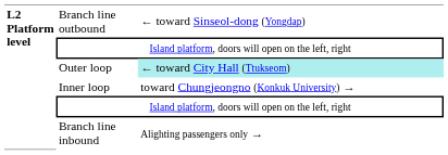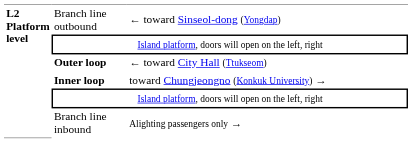 <table border=0 cellspacing=0 cellpadding=3>
 <tr>
 <td style="border-top:solid 1px gray;border-bottom:solid 1px gray;" width=50 rowspan=10 valign=top><strong>L2<br>Platform level</strong></td>
 <td style="border-bottom:solid 0px gray;border-top:solid 1px gray;" width=100>Branch line outbound</td>
 <td style="border-bottom:solid 0px gray;border-top:solid 1px gray;" width=390>←  toward <a href='#'>Sinseol-dong</a> <small>(<a href='#'>Yongdap</a>)</small></td>
 </tr>
 <tr>
 <td style="border-top:solid 2px black;border-right:solid 2px black;border-left:solid 2px black;border-bottom:solid 2px black;text-align:center;" colspan=2><small><a href='#'>Island platform</a>, doors will open on the left, right </small></td>
 </tr>
 <tr>
-<td>Outer loop</td>
-<td style="background: paleturquoise;">←  toward <a href='#'>City Hall</a> <small>(<a href='#'>Ttukseom</a>)</small></td>
+<td><strong>Outer loop</strong></td>
+<td>←  toward <a href='#'>City Hall</a> <small>(<a href='#'>Ttukseom</a>)</small></td>
 </tr>
 <tr>
-<td>Inner loop</td>
+<td><strong>Inner loop</strong></td>
 <td>  toward <a href='#'>Chungjeongno</a> <small>(<a href='#'>Konkuk University</a>)</small> →</td>
 </tr>
 <tr>
 <td style="border-top:solid 2px black;border-right:solid 2px black;border-left:solid 2px black;border-bottom:solid 2px black;text-align:center;" colspan=2><small><a href='#'>Island platform</a>, doors will open on the left, right </small></td>
 </tr>
 <tr>
 <td>Branch line inbound</td>
 <td>  <small>Alighting passengers only</small> →</td>
 </tr>
 </table>
